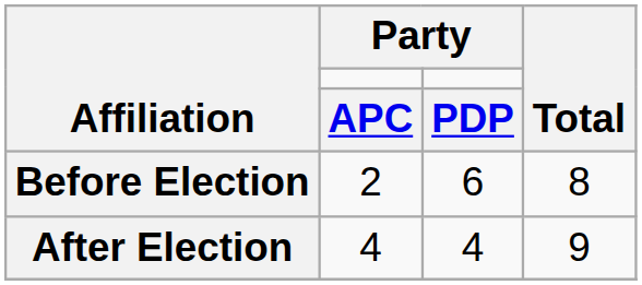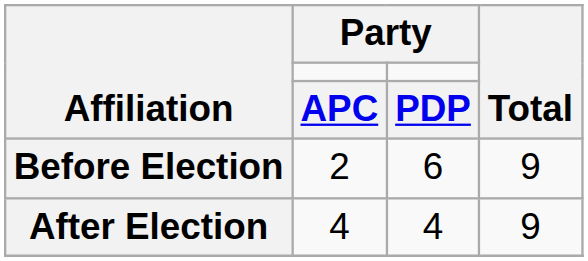 <table class=wikitable style="text-align:center">
 <tr style="vertical-align:bottom;">
 <th rowspan=3>Affiliation</th>
 <th colspan="2">Party</th>
 <th rowspan=3>Total</th>
 </tr>
 <tr>
 <td style="background-color:"></td>
 <td style="background-color:"></td>
 </tr>
 <tr>
 <th><a href='#'>APC</a></th>
 <th><a href='#'>PDP</a></th>
 </tr>
 <tr>
 <th>Before Election</th>
 <td>2</td>
 <td>6</td>
-<td>8</td>
+<td>9</td>
 </tr>
 <tr>
 <th>After Election</th>
 <td>4</td>
 <td>4</td>
 <td>9</td>
 </tr>
 <tr>
 </tr>
 </table>
